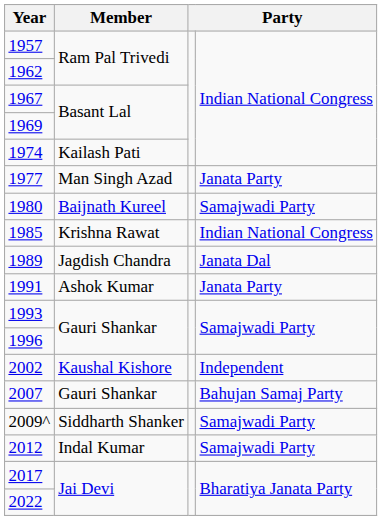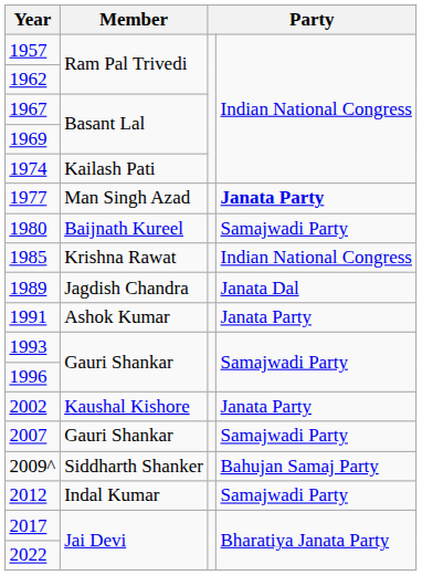 <table class="wikitable">
 <tr>
 <th>Year</th>
 <th>Member</th>
 <th colspan="2">Party</th>
 </tr>
 <tr>
 <td><a href='#'>1957</a></td>
 <td rowspan="2">Ram Pal Trivedi</td>
 <td rowspan="5" style="background-color: "></td>
 <td rowspan="5"><a href='#'>Indian National Congress</a></td>
 </tr>
 <tr>
 <td><a href='#'>1962</a></td>
 </tr>
 <tr>
 <td><a href='#'>1967</a></td>
 <td rowspan="2">Basant Lal</td>
 </tr>
 <tr>
 <td><a href='#'>1969</a></td>
 </tr>
 <tr>
 <td><a href='#'>1974</a></td>
 <td>Kailash Pati</td>
 </tr>
 <tr>
 <td><a href='#'>1977</a></td>
 <td>Man Singh Azad</td>
 <td style="background-color: "></td>
-<td><a href='#'>Janata Party</a></td>
+<td><strong><a href='#'>Janata Party</a></strong></td>
 </tr>
 <tr>
 <td><a href='#'>1980</a></td>
 <td><a href='#'>Baijnath Kureel</a></td>
 <td style="background-color: "></td>
 <td><a href='#'>Samajwadi Party</a></td>
 </tr>
 <tr>
 <td><a href='#'>1985</a></td>
 <td>Krishna Rawat</td>
 <td style="background-color: "></td>
 <td><a href='#'>Indian National Congress</a></td>
 </tr>
 <tr>
 <td><a href='#'>1989</a></td>
 <td>Jagdish Chandra</td>
 <td style="background-color: "></td>
 <td><a href='#'>Janata Dal</a></td>
 </tr>
 <tr>
 <td><a href='#'>1991</a></td>
 <td>Ashok Kumar</td>
 <td style="background-color: "></td>
 <td><a href='#'>Janata Party</a></td>
 </tr>
 <tr>
 <td><a href='#'>1993</a></td>
 <td rowspan="2">Gauri Shankar</td>
 <td rowspan="2" style="background-color: "></td>
 <td rowspan="2"><a href='#'>Samajwadi Party</a></td>
 </tr>
 <tr>
 <td><a href='#'>1996</a></td>
 </tr>
 <tr>
 <td><a href='#'>2002</a></td>
 <td><a href='#'>Kaushal Kishore</a></td>
 <td style="background-color: "></td>
-<td><a href='#'>Independent</a></td>
+<td><a href='#'>Janata Party</a></td>
 </tr>
 <tr>
 <td><a href='#'>2007</a></td>
 <td>Gauri Shankar</td>
 <td style="background-color: "></td>
-<td><a href='#'>Bahujan Samaj Party</a></td>
+<td><a href='#'>Samajwadi Party</a></td>
 </tr>
 <tr>
 <td>2009^</td>
 <td>Siddharth Shanker</td>
 <td style="background-color: "></td>
-<td><a href='#'>Samajwadi Party</a></td>
+<td><a href='#'>Bahujan Samaj Party</a></td>
 </tr>
 <tr>
 <td><a href='#'>2012</a></td>
 <td>Indal Kumar</td>
 <td style="background-color: "></td>
 <td><a href='#'>Samajwadi Party</a></td>
 </tr>
 <tr>
 <td><a href='#'>2017</a></td>
 <td rowspan="2"><a href='#'>Jai Devi</a></td>
 <td rowspan="2" style="background-color: "></td>
 <td rowspan="2"><a href='#'>Bharatiya Janata Party</a></td>
 </tr>
 <tr>
 <td><a href='#'>2022</a></td>
 </tr>
 </table>
